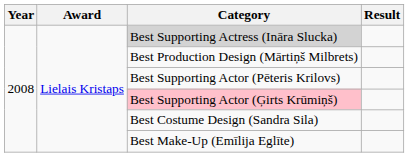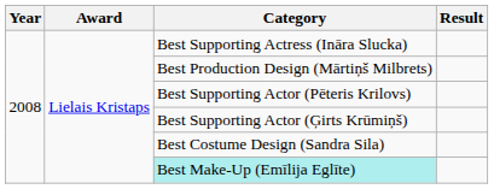 <table class="wikitable">
 <tr>
 <th>Year</th>
 <th>Award</th>
 <th>Category</th>
 <th>Result</th>
 </tr>
 <tr>
 <td rowspan="6">2008</td>
 <td rowspan="6"><a href='#'>Lielais Kristaps</a></td>
-<td style="background: lightgrey;">Best Supporting Actress (Ināra Slucka)</td>
+<td>Best Supporting Actress (Ināra Slucka)</td>
 <td></td>
 </tr>
 <tr>
 <td>Best Production Design (Mārtiņš Milbrets)</td>
 <td></td>
 </tr>
 <tr>
 <td>Best Supporting Actor (Pēteris Krilovs)</td>
 <td></td>
 </tr>
 <tr>
-<td style="background: pink;">Best Supporting Actor (Ģirts Krūmiņš)</td>
+<td>Best Supporting Actor (Ģirts Krūmiņš)</td>
 <td></td>
 </tr>
 <tr>
 <td>Best Costume Design (Sandra Sila)</td>
 <td></td>
 </tr>
 <tr>
-<td>Best Make-Up (Emīlija Eglīte)</td>
+<td style="background: paleturquoise;">Best Make-Up (Emīlija Eglīte)</td>
 <td></td>
 </tr>
 </table>
